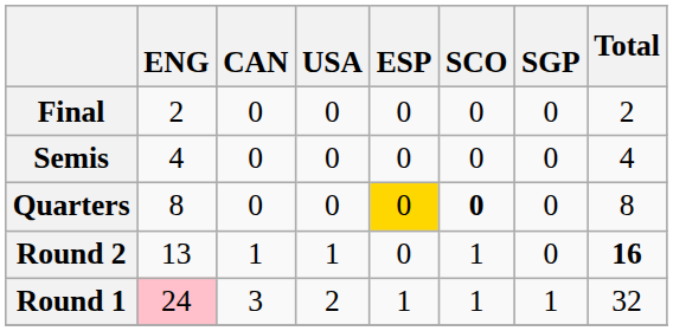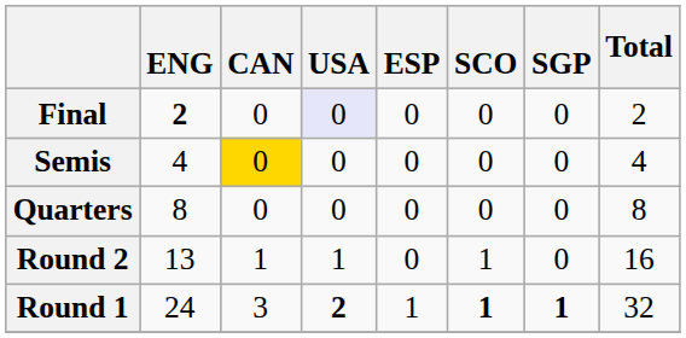 <table class="wikitable">
 <tr>
 <th></th>
 <th> <br>ENG</th>
 <th> <br>CAN</th>
 <th> <br>USA</th>
 <th> <br>ESP</th>
 <th> <br>SCO</th>
 <th> <br>SGP</th>
 <th>Total</th>
 </tr>
 <tr align="center">
 <th>Final</th>
-<td>2</td>
+<td><strong>2</strong></td>
 <td>0</td>
-<td>0</td>
+<td style="background: lavender;">0</td>
 <td>0</td>
 <td>0</td>
 <td>0</td>
 <td>2</td>
 </tr>
 <tr align="center">
 <th>Semis</th>
 <td>4</td>
-<td>0</td>
+<td style="background: gold;">0</td>
 <td>0</td>
 <td>0</td>
 <td>0</td>
 <td>0</td>
 <td>4</td>
 </tr>
 <tr align="center">
 <th>Quarters</th>
 <td>8</td>
 <td>0</td>
 <td>0</td>
-<td style="background: gold;">0</td>
-<td><strong>0</strong></td>
+<td>0</td>
+<td>0</td>
 <td>0</td>
 <td>8</td>
 </tr>
 <tr align="center">
 <th>Round 2</th>
 <td>13</td>
 <td>1</td>
 <td>1</td>
 <td>0</td>
 <td>1</td>
 <td>0</td>
-<td><strong>16</strong></td>
+<td>16</td>
 </tr>
 <tr align="center">
 <th>Round 1</th>
-<td style="background: pink;">24</td>
+<td>24</td>
 <td>3</td>
-<td>2</td>
+<td><strong>2</strong></td>
 <td>1</td>
-<td>1</td>
-<td>1</td>
+<td><strong>1</strong></td>
+<td><strong>1</strong></td>
 <td>32</td>
 </tr>
 <tr align="center">
 </tr>
 </table>
